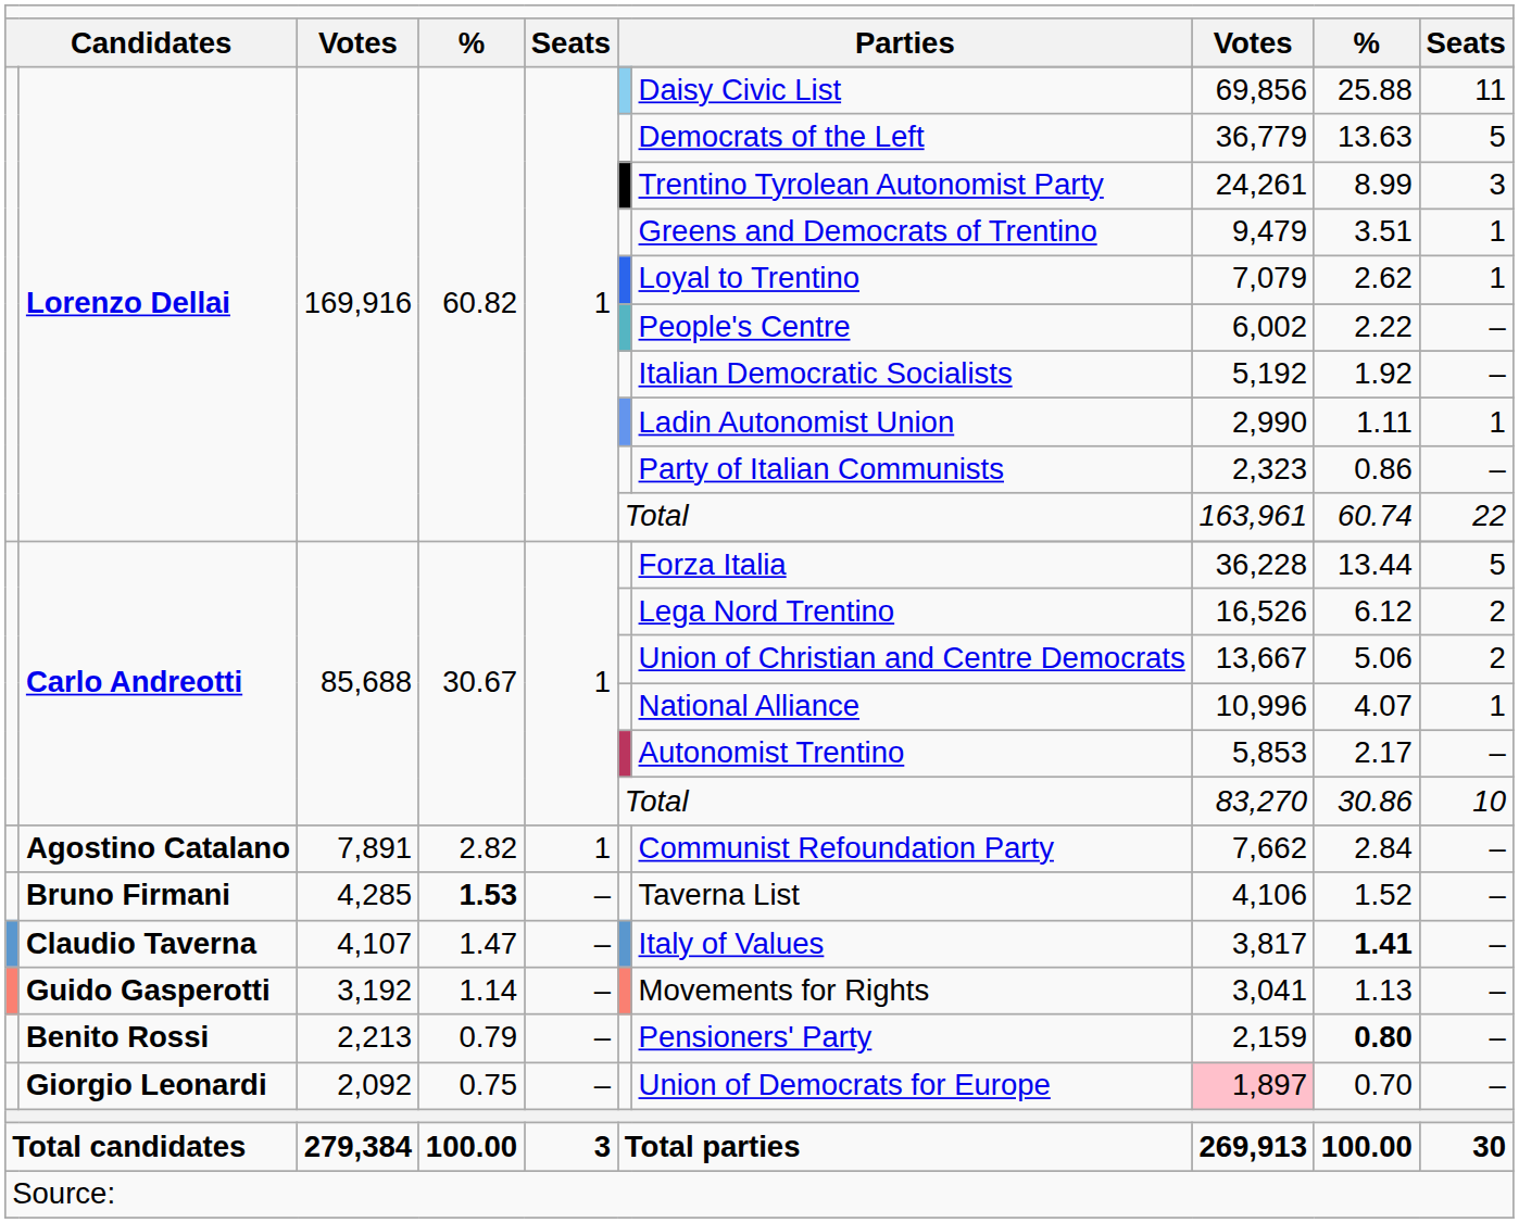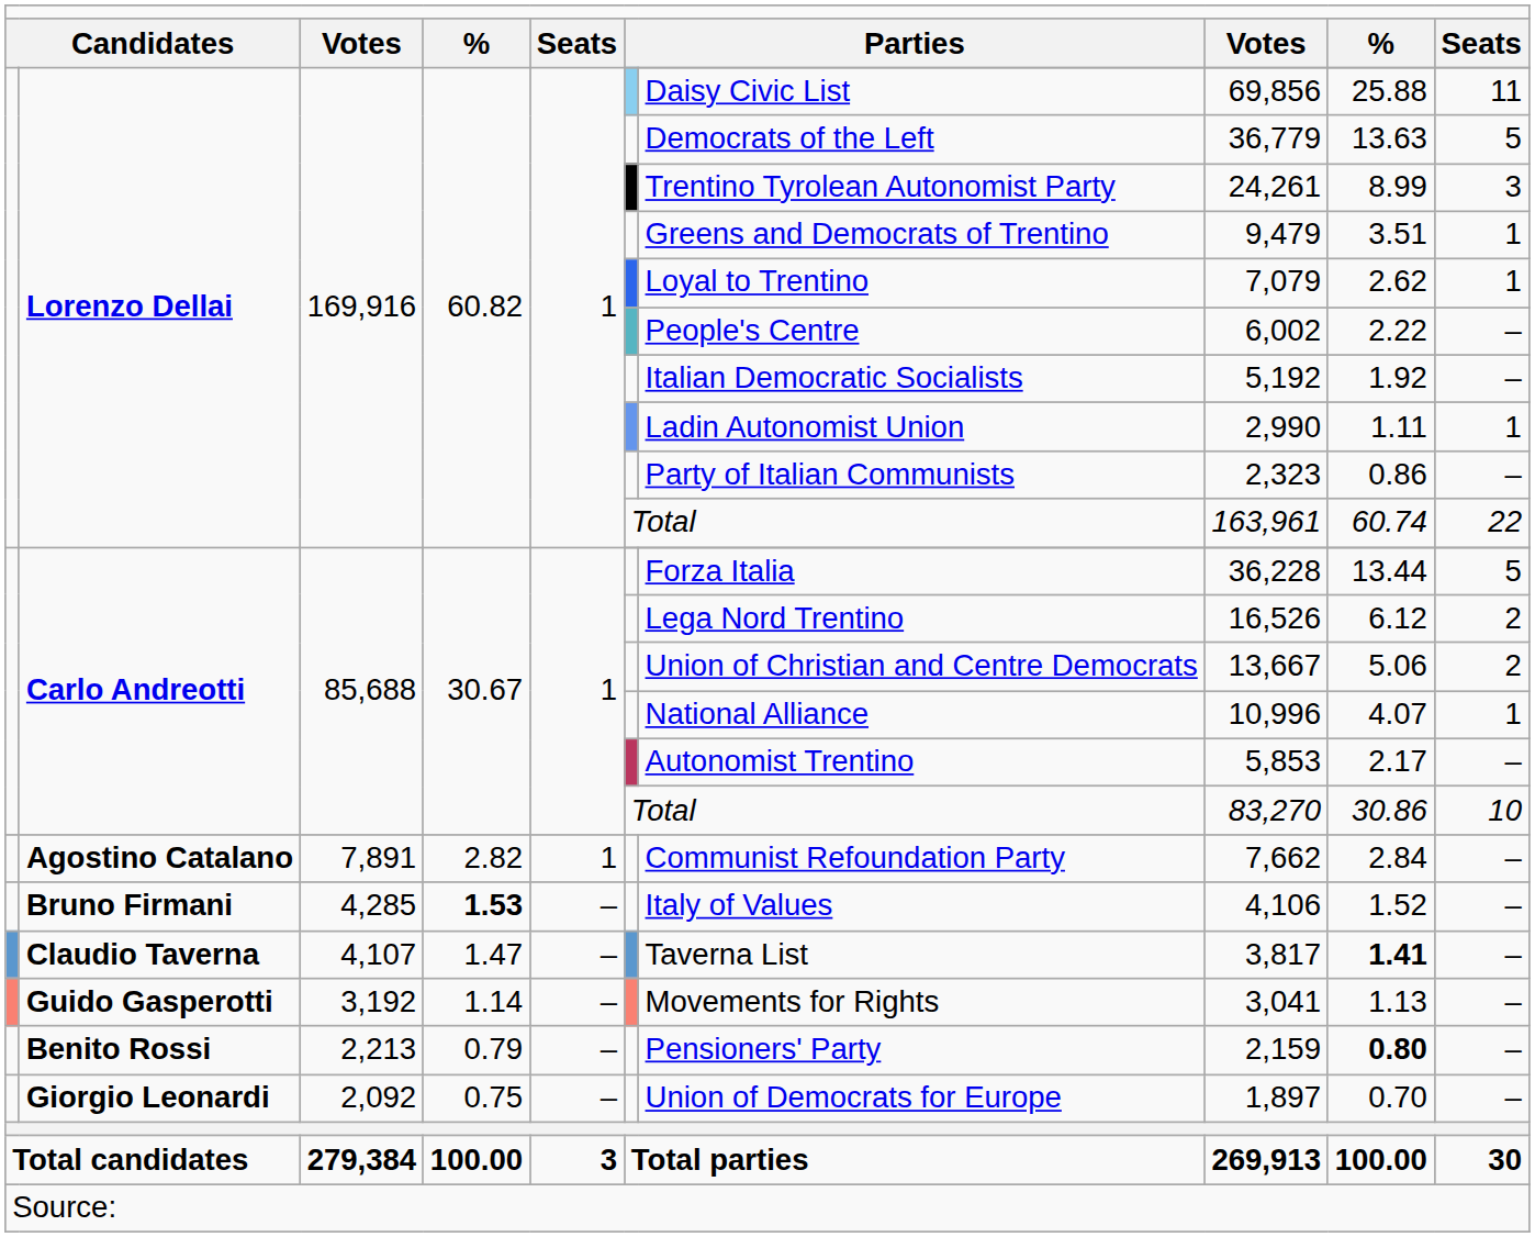 <table class="wikitable">
 <tr>
 <td colspan=10></td>
 </tr>
 <tr>
 <th colspan=2>Candidates</th>
 <th>Votes</th>
 <th>%</th>
 <th>Seats</th>
 <th colspan=2>Parties</th>
 <th>Votes</th>
 <th>%</th>
 <th>Seats</th>
 </tr>
 <tr>
 <td rowspan=11></td>
 <td rowspan=11><strong><a href='#'>Lorenzo Dellai</a></strong></td>
 <td rowspan=11 align=right>169,916</td>
 <td rowspan=11 align=right>60.82</td>
 <td rowspan=11 align=right>1</td>
 </tr>
 <tr>
 <td bgcolor="#89CFF0"></td>
 <td><a href='#'>Daisy Civic List</a></td>
 <td align=right>69,856</td>
 <td align=right>25.88</td>
 <td align=right>11</td>
 </tr>
 <tr>
 <td></td>
 <td><a href='#'>Democrats of the Left</a></td>
 <td align=right>36,779</td>
 <td align=right>13.63</td>
 <td align=right>5</td>
 </tr>
 <tr>
 <td bgcolor="black"></td>
 <td><a href='#'>Trentino Tyrolean Autonomist Party</a></td>
 <td align=right>24,261</td>
 <td align=right>8.99</td>
 <td align=right>3</td>
 </tr>
 <tr>
 <td></td>
 <td><a href='#'>Greens and Democrats of Trentino</a></td>
 <td align=right>9,479</td>
 <td align=right>3.51</td>
 <td align=right>1</td>
 </tr>
 <tr>
 <td bgcolor="#2B65EC"></td>
 <td><a href='#'>Loyal to Trentino</a></td>
 <td align=right>7,079</td>
 <td align=right>2.62</td>
 <td align=right>1</td>
 </tr>
 <tr>
 <td bgcolor="#55B5C2"></td>
 <td><a href='#'>People's Centre</a></td>
 <td align=right>6,002</td>
 <td align=right>2.22</td>
 <td align=right>–</td>
 </tr>
 <tr>
 <td></td>
 <td><a href='#'>Italian Democratic Socialists</a></td>
 <td align=right>5,192</td>
 <td align=right>1.92</td>
 <td align=right>–</td>
 </tr>
 <tr>
 <td bgcolor="#6495ED"></td>
 <td><a href='#'>Ladin Autonomist Union</a></td>
 <td align=right>2,990</td>
 <td align=right>1.11</td>
 <td align=right>1</td>
 </tr>
 <tr>
 <td></td>
 <td><a href='#'>Party of Italian Communists</a></td>
 <td align=right>2,323</td>
 <td align=right>0.86</td>
 <td align=right>–</td>
 </tr>
 <tr>
 <td colspan=2><em>Total</em></td>
 <td align=right><em>163,961</em></td>
 <td align=right><em>60.74</em></td>
 <td align=right><em>22</em></td>
 </tr>
 <tr>
 <td rowspan=7></td>
 <td rowspan=7><strong><a href='#'>Carlo Andreotti</a></strong></td>
 <td rowspan=7 align=right>85,688</td>
 <td rowspan=7 align=right>30.67</td>
 <td rowspan=7 align=right>1</td>
 </tr>
 <tr>
 <td></td>
 <td><a href='#'>Forza Italia</a></td>
 <td align=right>36,228</td>
 <td align=right>13.44</td>
 <td align=right>5</td>
 </tr>
 <tr>
 <td></td>
 <td><a href='#'>Lega Nord Trentino</a></td>
 <td align=right>16,526</td>
 <td align=right>6.12</td>
 <td align=right>2</td>
 </tr>
 <tr>
 <td></td>
 <td><a href='#'>Union of Christian and Centre Democrats</a></td>
 <td align=right>13,667</td>
 <td align=right>5.06</td>
 <td align=right>2</td>
 </tr>
 <tr>
 <td></td>
 <td><a href='#'>National Alliance</a></td>
 <td align=right>10,996</td>
 <td align=right>4.07</td>
 <td align=right>1</td>
 </tr>
 <tr>
 <td bgcolor="#BA355E"></td>
 <td><a href='#'>Autonomist Trentino</a></td>
 <td align=right>5,853</td>
 <td align=right>2.17</td>
 <td align=right>–</td>
 </tr>
 <tr>
 <td colspan=2><em>Total</em></td>
 <td align=right><em>83,270</em></td>
 <td align=right><em>30.86</em></td>
 <td align=right><em>10</em></td>
 </tr>
 <tr>
 <td></td>
 <td><strong>Agostino Catalano</strong></td>
 <td align=right>7,891</td>
 <td align=right>2.82</td>
 <td align=right>1</td>
 <td></td>
 <td><a href='#'>Communist Refoundation Party</a></td>
 <td align=right>7,662</td>
 <td align=right>2.84</td>
 <td align=right>–</td>
 </tr>
 <tr>
 <td></td>
 <td><strong>Bruno Firmani</strong></td>
 <td align=right>4,285</td>
 <td align=right><strong>1.53</strong></td>
 <td align=right>–</td>
 <td></td>
-<td>Taverna List</td>
+<td><a href='#'>Italy of Values</a></td>
 <td align=right>4,106</td>
 <td align=right>1.52</td>
 <td align=right>–</td>
 </tr>
 <tr>
 <td bgcolor="#5A97CE"></td>
 <td><strong>Claudio Taverna</strong></td>
 <td align=right>4,107</td>
 <td align=right>1.47</td>
 <td align=right>–</td>
 <td bgcolor="#5A97CE"></td>
-<td><a href='#'>Italy of Values</a></td>
+<td>Taverna List</td>
 <td align=right>3,817</td>
 <td align=right><strong>1.41</strong></td>
 <td align=right>–</td>
 </tr>
 <tr>
 <td bgcolor="salmon"></td>
 <td><strong>Guido Gasperotti</strong></td>
 <td align=right>3,192</td>
 <td align=right>1.14</td>
 <td align=right>–</td>
 <td bgcolor="salmon"></td>
 <td>Movements for Rights</td>
 <td align=right>3,041</td>
 <td align=right>1.13</td>
 <td align=right>–</td>
 </tr>
 <tr>
 <td></td>
 <td><strong>Benito Rossi</strong></td>
 <td align=right>2,213</td>
 <td align=right>0.79</td>
 <td align=right>–</td>
 <td></td>
 <td><a href='#'>Pensioners' Party</a></td>
 <td align=right>2,159</td>
 <td align=right><strong>0.80</strong></td>
 <td align=right>–</td>
 </tr>
 <tr>
 <td></td>
 <td><strong>Giorgio Leonardi</strong></td>
 <td align=right>2,092</td>
 <td align=right>0.75</td>
 <td align=right>–</td>
 <td></td>
 <td><a href='#'>Union of Democrats for Europe</a></td>
-<td align=right style="background: pink;">1,897</td>
+<td align=right>1,897</td>
 <td align=right>0.70</td>
 <td align=right>–</td>
 </tr>
 <tr>
 <th colspan=10></th>
 </tr>
 <tr>
 <td colspan=2><strong>Total candidates</strong></td>
 <td align=right><strong>279,384</strong></td>
 <td align=right><strong>100.00</strong></td>
 <td align=right><strong>3</strong></td>
 <td colspan=2><strong>Total parties</strong></td>
 <td align=right><strong>269,913</strong></td>
 <td align=right><strong>100.00</strong></td>
 <td align=right><strong>30</strong></td>
 </tr>
 <tr>
 <td colspan=10>Source: </td>
 </tr>
 </table>
